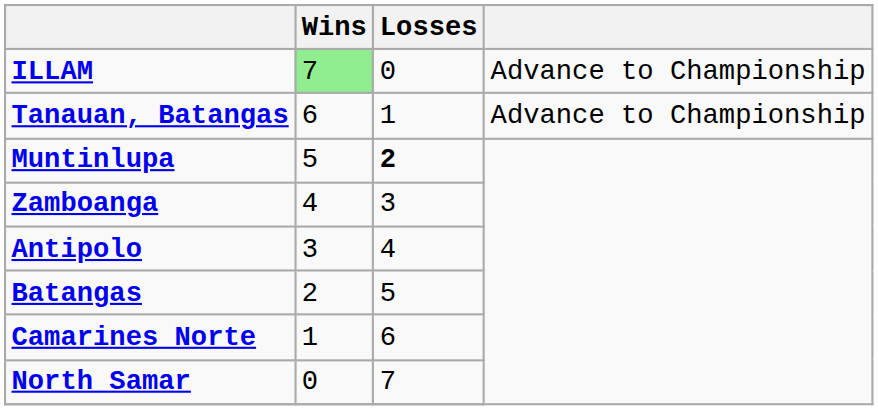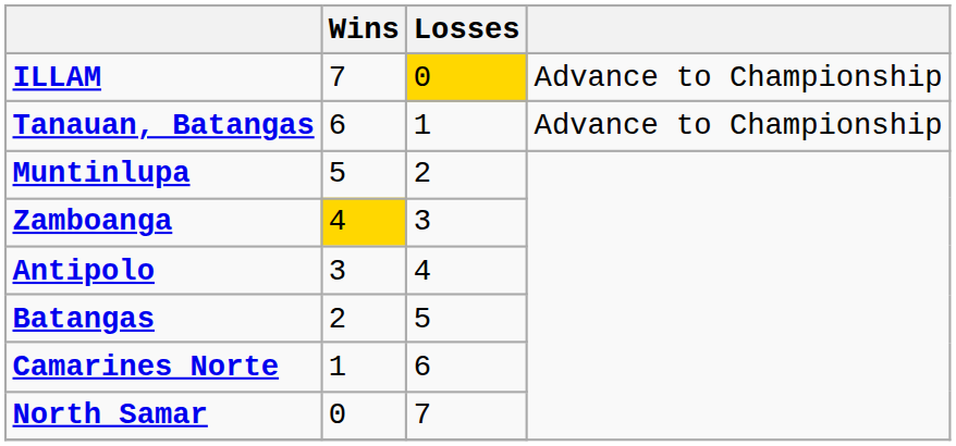 <table class="wikitable">
 <tr align=center>
 <th></th>
 <th>Wins</th>
 <th>Losses</th>
 <th></th>
 </tr>
 <tr>
 <td><strong><a href='#'>ILLAM</a></strong></td>
-<td style="background: lightgreen;">7</td>
-<td>0</td>
+<td>7</td>
+<td style="background: gold;">0</td>
 <td>Advance to Championship</td>
 </tr>
 <tr>
 <td><strong><a href='#'>Tanauan, Batangas</a></strong></td>
 <td>6</td>
 <td>1</td>
 <td>Advance to Championship</td>
 </tr>
 <tr>
 <td><strong><a href='#'>Muntinlupa</a></strong></td>
 <td>5</td>
-<td><strong>2</strong></td>
+<td>2</td>
 </tr>
 <tr>
 <td><strong><a href='#'>Zamboanga</a></strong></td>
-<td>4</td>
+<td style="background: gold;">4</td>
 <td>3</td>
 </tr>
 <tr>
 <td><strong><a href='#'>Antipolo</a></strong></td>
 <td>3</td>
 <td>4</td>
 </tr>
 <tr>
 <td><strong><a href='#'>Batangas</a></strong></td>
 <td>2</td>
 <td>5</td>
 </tr>
 <tr>
 <td><strong><a href='#'>Camarines Norte</a></strong></td>
 <td>1</td>
 <td>6</td>
 </tr>
 <tr>
 <td><strong><a href='#'>North Samar</a></strong></td>
 <td>0</td>
 <td>7</td>
 </tr>
 <tr>
 </tr>
 </table>
